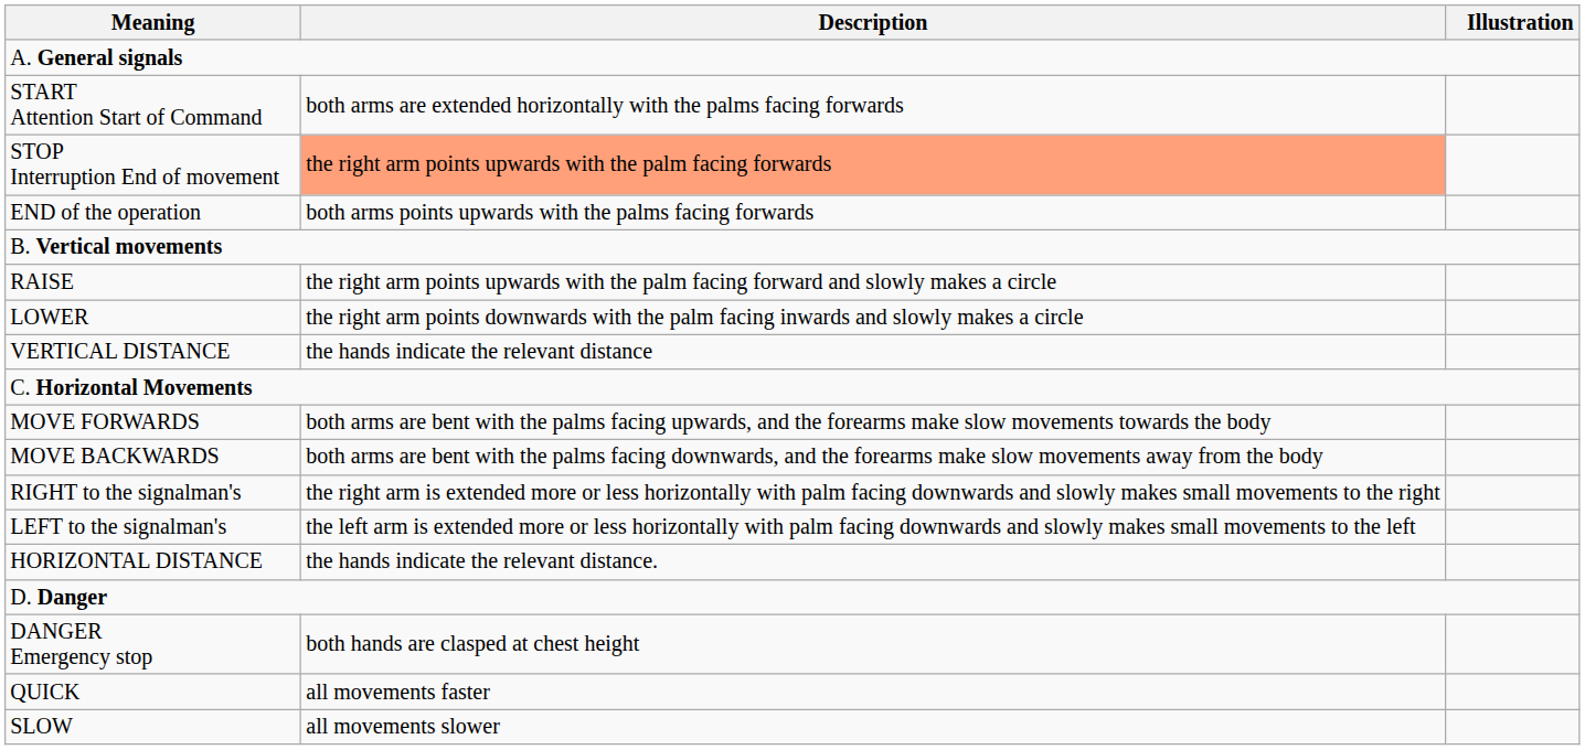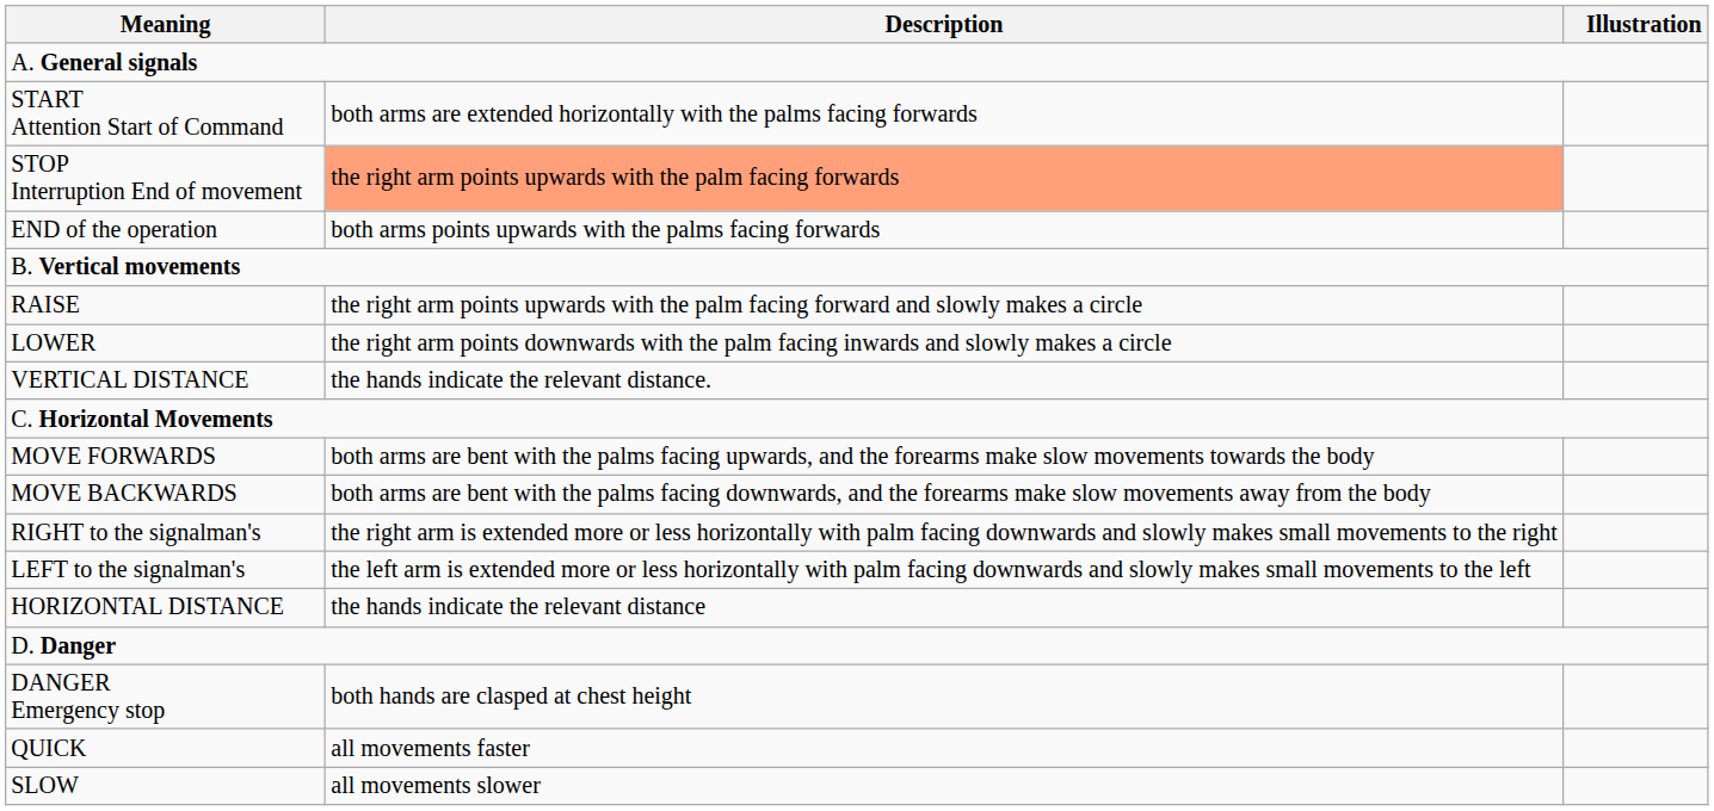 <table class="wikitable">
 <tr>
 <th>Meaning</th>
 <th>Description</th>
 <th>   Illustration</th>
 </tr>
 <tr>
 <td colspan="3">A. <strong>General signals</strong></td>
 </tr>
 <tr>
 <td>START<br>Attention Start of Command</td>
 <td>both arms are extended horizontally with the palms facing forwards</td>
 <td></td>
 </tr>
 <tr>
 <td>STOP<br>Interruption End of movement   </td>
 <td style="background: lightsalmon;">the right arm points upwards with the palm facing forwards</td>
 <td></td>
 </tr>
 <tr>
 <td>END of the operation</td>
 <td>both arms points upwards with the palms facing forwards</td>
 <td></td>
 </tr>
 <tr>
 <td colspan="3">B. <strong>Vertical movements</strong></td>
 </tr>
 <tr>
 <td>RAISE</td>
 <td>the right arm points upwards with the palm facing forward and slowly makes a circle</td>
 <td></td>
 </tr>
 <tr>
 <td>LOWER</td>
 <td>the right arm points downwards with the palm facing inwards and slowly makes a circle</td>
 <td></td>
 </tr>
 <tr>
 <td>VERTICAL DISTANCE</td>
-<td>the hands indicate the relevant distance</td>
+<td>the hands indicate the relevant distance.</td>
 <td></td>
 </tr>
 <tr>
 <td colspan="3">C. <strong>Horizontal Movements</strong></td>
 </tr>
 <tr>
 <td>MOVE FORWARDS</td>
 <td>both arms are bent with the palms facing upwards, and the forearms make slow movements towards the body</td>
 <td></td>
 </tr>
 <tr>
 <td>MOVE BACKWARDS</td>
 <td>both arms are bent with the palms facing downwards, and the forearms make slow movements away from the body</td>
 <td></td>
 </tr>
 <tr>
 <td>RIGHT to the signalman's</td>
 <td>the right arm is extended more or less horizontally with palm facing downwards and slowly makes small movements to the right</td>
 <td></td>
 </tr>
 <tr>
 <td>LEFT to the signalman's</td>
 <td>the left arm is extended more or less horizontally with palm facing downwards and slowly makes small movements to the left</td>
 <td></td>
 </tr>
 <tr>
 <td>HORIZONTAL DISTANCE</td>
-<td>the hands indicate the relevant distance.</td>
+<td>the hands indicate the relevant distance</td>
 <td></td>
 </tr>
 <tr>
 <td colspan="3">D. <strong>Danger</strong></td>
 </tr>
 <tr>
 <td>DANGER<br>Emergency stop</td>
 <td>both hands are clasped at chest height</td>
 <td></td>
 </tr>
 <tr>
 <td>QUICK</td>
 <td>all movements faster</td>
 <td></td>
 </tr>
 <tr>
 <td>SLOW</td>
 <td>all movements slower</td>
 <td></td>
 </tr>
 </table>
